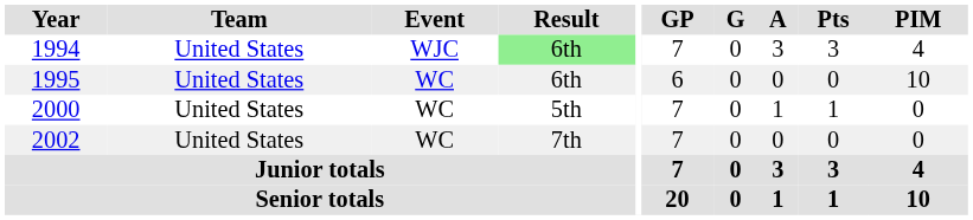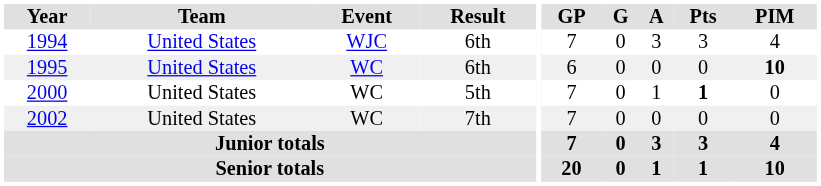 <table border="0" cellpadding="1" cellspacing="0" ID="Table3" style="text-align:center; width:40em">
 <tr ALIGN="center" bgcolor="#e0e0e0">
 <th>Year</th>
 <th>Team</th>
 <th>Event</th>
 <th>Result</th>
 <th rowspan="99" bgcolor="#ffffff"></th>
 <th>GP</th>
 <th>G</th>
 <th>A</th>
 <th>Pts</th>
 <th>PIM</th>
 </tr>
 <tr>
 <td><a href='#'>1994</a></td>
 <td><a href='#'>United States</a></td>
 <td><a href='#'>WJC</a></td>
-<td style="background: lightgreen;">6th</td>
+<td>6th</td>
 <td>7</td>
 <td>0</td>
 <td>3</td>
 <td>3</td>
 <td>4</td>
 </tr>
 <tr bgcolor="#f0f0f0">
 <td><a href='#'>1995</a></td>
 <td><a href='#'>United States</a></td>
 <td><a href='#'>WC</a></td>
 <td>6th</td>
 <td>6</td>
 <td>0</td>
 <td>0</td>
 <td>0</td>
-<td>10</td>
+<td><strong>10</strong></td>
 </tr>
 <tr>
 <td><a href='#'>2000</a></td>
 <td>United States</td>
 <td>WC</td>
 <td>5th</td>
 <td>7</td>
 <td>0</td>
 <td>1</td>
-<td>1</td>
+<td><strong>1</strong></td>
 <td>0</td>
 </tr>
 <tr bgcolor="#f0f0f0">
 <td><a href='#'>2002</a></td>
 <td>United States</td>
 <td>WC</td>
 <td>7th</td>
 <td>7</td>
 <td>0</td>
 <td>0</td>
 <td>0</td>
 <td>0</td>
 </tr>
 <tr bgcolor="#e0e0e0">
 <th colspan="4">Junior totals</th>
 <th>7</th>
 <th>0</th>
 <th>3</th>
 <th>3</th>
 <th>4</th>
 </tr>
 <tr bgcolor="#e0e0e0">
 <th colspan="4">Senior totals</th>
 <th>20</th>
 <th>0</th>
 <th>1</th>
 <th>1</th>
 <th>10</th>
 </tr>
 </table>
